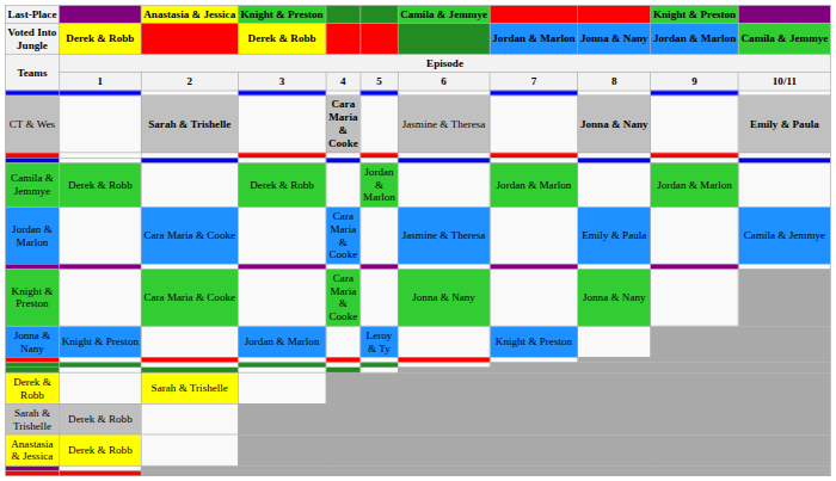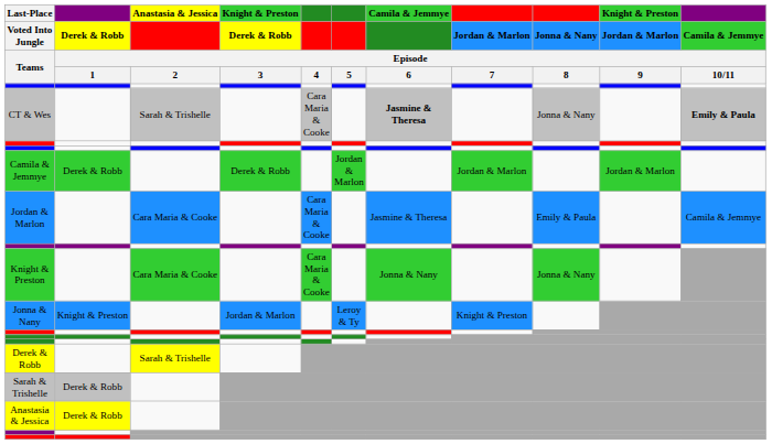 <table class="wikitable" style="text-align:center; font-size:89%">
 <tr>
 <th nowrap>Last-Place</th>
 <td bgcolor="purple" nowrap><strong></strong></td>
 <td bgcolor="yellow" nowrap><strong>Anastasia & Jessica</strong></td>
 <td bgcolor="limegreen" nowrap><strong>Knight & Preston</strong></td>
 <td bgcolor="forestgreen" nowrap><strong></strong></td>
 <td bgcolor="forestgreen" nowrap><strong></strong></td>
 <td bgcolor="limegreen" nowrap><strong>Camila & Jemmye</strong></td>
 <td bgcolor="red" nowrap><strong></strong></td>
 <td bgcolor="red" nowrap><strong></strong></td>
 <td bgcolor="limegreen" nowrap><strong>Knight & Preston</strong></td>
 <td bgcolor="purple" nowrap><strong></strong></td>
 </tr>
 <tr>
 <th nowrap>Voted Into<br>Jungle</th>
 <td bgcolor="yellow" nowrap><strong>Derek & Robb</strong><br></td>
 <td bgcolor="red" nowrap><strong></strong><br></td>
 <td bgcolor="yellow" nowrap><strong>Derek & Robb</strong><br></td>
 <td bgcolor="red" nowrap><strong></strong><br></td>
 <td bgcolor="red" nowrap><strong></strong><br></td>
 <td bgcolor="forestgreen" nowrap><strong></strong><br></td>
 <td bgcolor="dodgerblue" nowrap><strong>Jordan & Marlon</strong><br></td>
 <td bgcolor="dodgerblue" nowrap><strong>Jonna & Nany</strong><br></td>
 <td bgcolor="dodgerblue" nowrap><strong>Jordan & Marlon</strong><br></td>
 <td bgcolor="limegreen" nowrap><strong>Camila & Jemmye</strong><br></td>
 </tr>
 <tr>
 <th rowspan=2>Teams</th>
 <th colspan=16>Episode</th>
 </tr>
 <tr>
 <th>1</th>
 <th>2</th>
 <th>3</th>
 <th>4</th>
 <th>5</th>
 <th>6</th>
 <th>7</th>
 <th>8</th>
 <th>9</th>
 <th>10/11</th>
 </tr>
 <tr>
 <td bgcolor="blue"></td>
 <td bgcolor="blue"></td>
 <td></td>
 <td bgcolor="blue"></td>
 <td></td>
 <td bgcolor="blue" nowrap></td>
 <td></td>
 <td bgcolor="blue"></td>
 <td></td>
 <td bgcolor="blue"></td>
 <td></td>
 </tr>
 <tr>
 <td bgcolor="silver">CT & Wes</td>
 <td></td>
-<td bgcolor="silver"><strong>Sarah & Trishelle</strong></td>
+<td bgcolor="silver">Sarah & Trishelle</td>
 <td></td>
-<td bgcolor="silver"><strong>Cara Maria & Cooke</strong></td>
+<td bgcolor="silver">Cara Maria & Cooke</td>
 <td></td>
-<td bgcolor="silver">Jasmine & Theresa</td>
+<td bgcolor="silver"><strong>Jasmine & Theresa</strong></td>
 <td></td>
-<td bgcolor="silver"><strong>Jonna & Nany</strong></td>
+<td bgcolor="silver">Jonna & Nany</td>
 <td></td>
 <td bgcolor="silver"><strong>Emily & Paula</strong></td>
 </tr>
 <tr>
 <td bgcolor="red" nowrap></td>
 <td></td>
 <td></td>
 <td bgcolor="red" nowrap></td>
 <td></td>
 <td bgcolor="red"></td>
 <td></td>
 <td bgcolor="red"></td>
 <td></td>
 <td bgcolor="red"></td>
 <td></td>
 </tr>
 <tr>
 <td bgcolor="blue"></td>
 <td></td>
 <td bgcolor="blue"></td>
 <td></td>
 <td bgcolor="blue"></td>
 <td></td>
 <td bgcolor="blue"></td>
 <td></td>
 <td bgcolor="blue"></td>
 <td></td>
 <td bgcolor="blue"></td>
 </tr>
 <tr>
 <td bgcolor="limegreen">Camila & Jemmye</td>
 <td bgcolor="limegreen">Derek & Robb</td>
 <td></td>
 <td bgcolor="limegreen">Derek & Robb</td>
 <td></td>
 <td bgcolor="limegreen">Jordan & Marlon</td>
 <td></td>
 <td bgcolor="limegreen">Jordan & Marlon</td>
 <td></td>
 <td bgcolor="limegreen">Jordan & Marlon</td>
 <td></td>
 </tr>
 <tr>
 <td bgcolor="dodgerblue">Jordan & Marlon</td>
 <td></td>
 <td bgcolor="dodgerblue">Cara Maria & Cooke</td>
 <td></td>
 <td bgcolor="dodgerblue">Cara Maria & Cooke</td>
 <td></td>
 <td bgcolor="dodgerblue">Jasmine & Theresa</td>
 <td></td>
 <td bgcolor="dodgerblue">Emily & Paula</td>
 <td></td>
 <td bgcolor="dodgerblue">Camila & Jemmye</td>
 </tr>
 <tr>
 <td bgcolor="purple"></td>
 <td bgcolor="purple"></td>
 <td></td>
 <td bgcolor="purple"></td>
 <td></td>
 <td bgcolor="purple"></td>
 <td></td>
 <td bgcolor="purple"></td>
 <td></td>
 <td bgcolor="purple"></td>
 <td></td>
 </tr>
 <tr>
 <td bgcolor="limegreen">Knight & Preston</td>
 <td></td>
 <td bgcolor="limegreen">Cara Maria & Cooke</td>
 <td></td>
 <td bgcolor="limegreen">Cara Maria & Cooke</td>
 <td></td>
 <td bgcolor="limegreen">Jonna & Nany</td>
 <td></td>
 <td bgcolor="limegreen">Jonna & Nany</td>
 <td></td>
 <td bgcolor="darkgray"></td>
 </tr>
 <tr>
 <td bgcolor="dodgerblue">Jonna & Nany</td>
 <td bgcolor="dodgerblue" nowrap>Knight & Preston</td>
 <td></td>
 <td bgcolor="dodgerblue">Jordan & Marlon</td>
 <td></td>
 <td bgcolor="dodgerblue">Leroy & Ty</td>
 <td></td>
 <td bgcolor="dodgerblue">Knight & Preston</td>
 <td></td>
 <td bgcolor="darkgray" colspan=2></td>
 </tr>
 <tr>
 <td bgcolor="red"></td>
 <td></td>
 <td bgcolor="red"></td>
 <td></td>
 <td bgcolor="red"></td>
 <td></td>
 <td bgcolor="red"></td>
 <td></td>
 <td bgcolor="darkgray" colspan=3></td>
 </tr>
 <tr>
 <td bgcolor="forestgreen"></td>
 <td bgcolor="forestgreen"></td>
 <td></td>
 <td bgcolor="forestgreen"></td>
 <td></td>
 <td bgcolor="forestgreen"></td>
 <td></td>
 <td bgcolor="darkgray" colspan=4></td>
 </tr>
 <tr>
 <td bgcolor="forestgreen"></td>
 <td></td>
 <td bgcolor="forestgreen"></td>
 <td></td>
 <td bgcolor="forestgreen"></td>
 <td></td>
 <td bgcolor="darkgray" colspan=5></td>
 </tr>
 <tr>
 <td bgcolor="yellow">Derek & Robb</td>
 <td></td>
 <td bgcolor="yellow">Sarah & Trishelle</td>
 <td></td>
 <td bgcolor="darkgray" colspan=7></td>
 </tr>
 <tr>
 <td bgcolor="silver">Sarah & Trishelle</td>
 <td bgcolor="silver">Derek & Robb</td>
 <td></td>
 <td bgcolor="darkgray" colspan=8></td>
 </tr>
 <tr>
 <td bgcolor="yellow">Anastasia & Jessica</td>
 <td bgcolor="yellow">Derek & Robb</td>
 <td></td>
 <td bgcolor="darkgray" colspan=8></td>
 </tr>
 <tr>
 <td bgcolor="purple"></td>
 <td></td>
 <td bgcolor="darkgray" colspan=9></td>
 </tr>
 <tr>
 <td bgcolor="red"></td>
 <td bgcolor="red"></td>
 <td bgcolor="darkgray" colspan=9></td>
 </tr>
 </table>
